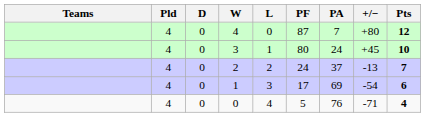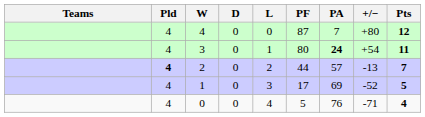 <table class="wikitable" style="text-align: center;">
 <tr>
 <th width="200">Teams</th>
 <th width="40">Pld</th>
+<th width="40">W</th>
 <th width="40">D</th>
-<th width="40">W</th>
 <th width="40">L</th>
 <th width="40">PF</th>
 <th width="40">PA</th>
 <th width="40">+/−</th>
 <th width="40">Pts</th>
 </tr>
 <tr style="background:#ccffcc">
 <td align=left></td>
 <td>4</td>
+<td>4</td>
 <td>0</td>
-<td>4</td>
 <td>0</td>
 <td>87</td>
 <td>7</td>
 <td>+80</td>
 <td><strong>12</strong></td>
 </tr>
 <tr style="background:#ccffcc">
 <td align=left></td>
 <td>4</td>
+<td>3</td>
 <td>0</td>
-<td>3</td>
 <td>1</td>
 <td>80</td>
-<td>24</td>
-<td>+45</td>
-<td><strong>10</strong></td>
+<td><strong>24</strong></td>
+<td>+54</td>
+<td><strong>11</strong></td>
 </tr>
 <tr style="background:#ccccff">
 <td align=left></td>
-<td>4</td>
+<td><strong>4</strong></td>
+<td>2</td>
 <td>0</td>
 <td>2</td>
-<td>2</td>
-<td>24</td>
-<td>37</td>
+<td>44</td>
+<td>57</td>
 <td>-13</td>
 <td><strong>7</strong></td>
 </tr>
 <tr style="background:#ccccff">
 <td align=left></td>
 <td>4</td>
+<td>1</td>
 <td>0</td>
-<td>1</td>
 <td>3</td>
 <td>17</td>
 <td>69</td>
-<td>-54</td>
-<td><strong>6</strong></td>
+<td>-52</td>
+<td><strong>5</strong></td>
 </tr>
 <tr>
 <td align=left></td>
 <td>4</td>
 <td>0</td>
 <td>0</td>
 <td>4</td>
 <td>5</td>
 <td>76</td>
 <td>-71</td>
 <td><strong>4</strong></td>
 </tr>
 </table>
